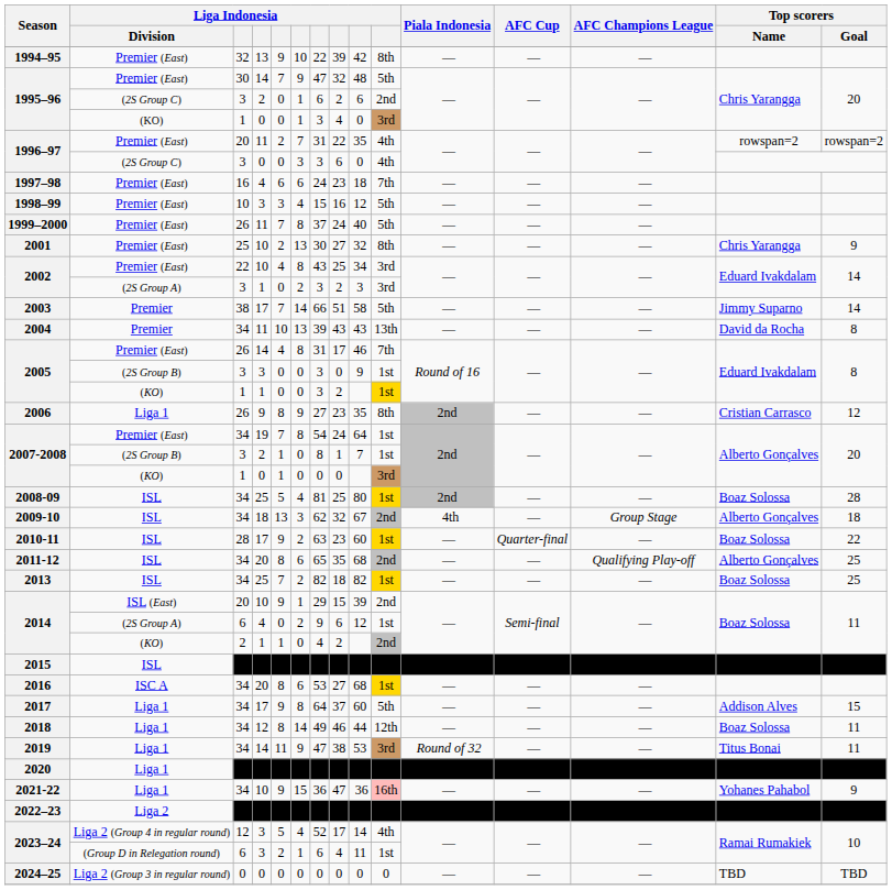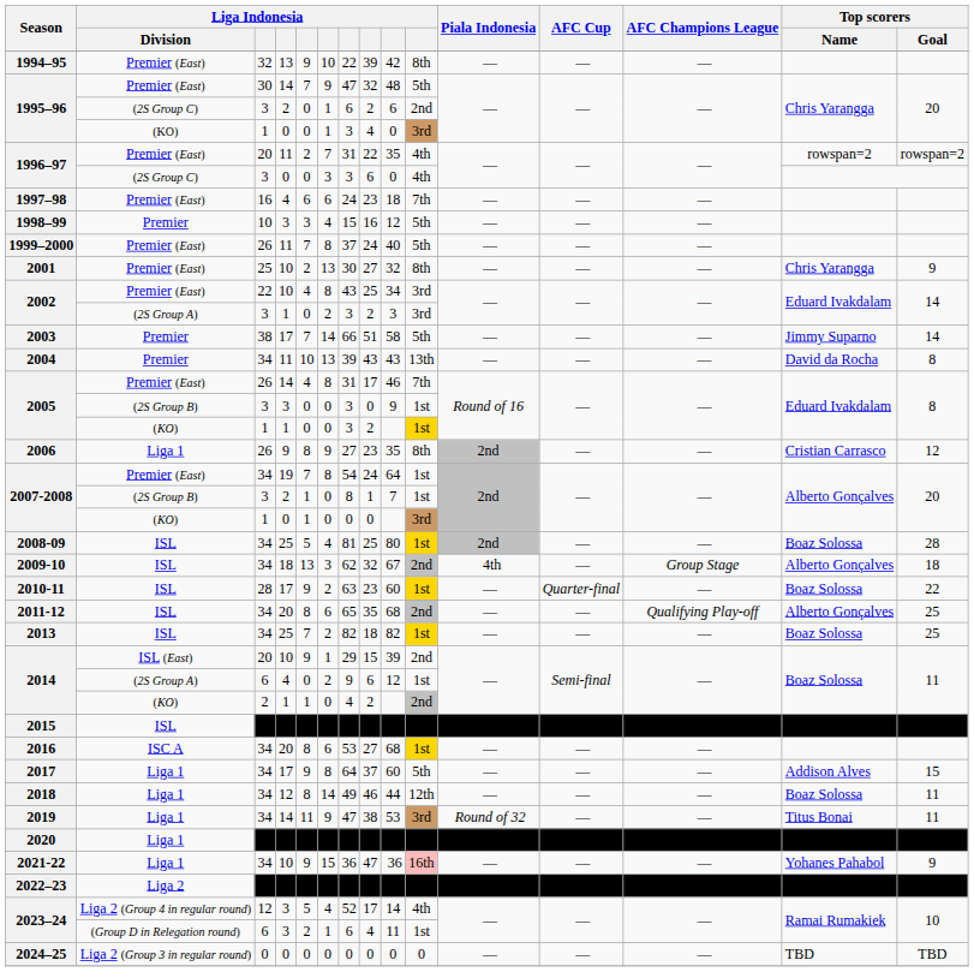 <table class="wikitable" style="text-align: center">
 <tr>
 <th rowspan=2>Season</th>
 <th colspan=9><a href='#'>Liga Indonesia</a></th>
 <th rowspan=2><a href='#'>Piala Indonesia</a></th>
 <th rowspan=2><a href='#'>AFC Cup</a></th>
 <th rowspan=2><a href='#'>AFC Champions League</a></th>
 <th colspan=2>Top scorers</th>
 </tr>
 <tr>
 <th>Division</th>
 <th></th>
 <th></th>
 <th></th>
 <th></th>
 <th></th>
 <th></th>
 <th></th>
 <th></th>
 <th>Name</th>
 <th>Goal</th>
 </tr>
 <tr>
 </tr>
 <tr>
 <th>1994–95</th>
 <td><a href='#'>Premier</a> <small>(<em>East</em>)</small></td>
 <td>32</td>
 <td>13</td>
 <td>9</td>
 <td>10</td>
 <td>22</td>
 <td>39</td>
 <td>42</td>
 <td>8th</td>
 <td> —</td>
 <td> —</td>
 <td> —</td>
 <td></td>
 <td></td>
 </tr>
 <tr>
 <th rowspan=3>1995–96</th>
 <td><a href='#'>Premier</a> <small>(<em>East</em>)</small></td>
 <td>30</td>
 <td>14</td>
 <td>7</td>
 <td>9</td>
 <td>47</td>
 <td>32</td>
 <td>48</td>
 <td>5th</td>
 <td rowspan=3> —</td>
 <td rowspan=3> —</td>
 <td rowspan=3> —</td>
 <td align=left rowspan=3> <a href='#'>Chris Yarangga</a></td>
 <td rowspan=3>20</td>
 </tr>
 <tr>
 <td><small>(<em>2S Group C</em>)</small></td>
 <td>3</td>
 <td>2</td>
 <td>0</td>
 <td>1</td>
 <td>6</td>
 <td>2</td>
 <td>6</td>
 <td>2nd</td>
 </tr>
 <tr>
 <td><small>(KO)</small></td>
 <td>1</td>
 <td>0</td>
 <td>0</td>
 <td>1</td>
 <td>3</td>
 <td>4</td>
 <td>0</td>
 <td style="background: #CC9966;">3rd</td>
 </tr>
 <tr>
 <th rowspan=2>1996–97</th>
 <td><a href='#'>Premier</a> <small>(<em>East</em>)</small></td>
 <td>20</td>
 <td>11</td>
 <td>2</td>
 <td>7</td>
 <td>31</td>
 <td>22</td>
 <td>35</td>
 <td>4th</td>
 <td rowspan=2> —</td>
 <td rowspan=2> —</td>
 <td rowspan=2> —</td>
 <td>rowspan=2 </td>
 <td>rowspan=2 </td>
 </tr>
 <tr>
 <td><small>(<em>2S Group C</em>)</small></td>
 <td>3</td>
 <td>0</td>
 <td>0</td>
 <td>3</td>
 <td>3</td>
 <td>6</td>
 <td>0</td>
 <td>4th</td>
 </tr>
 <tr>
 <th>1997–98</th>
 <td><a href='#'>Premier</a> <small>(<em>East</em>)</small></td>
 <td>16</td>
 <td>4</td>
 <td>6</td>
 <td>6</td>
 <td>24</td>
 <td>23</td>
 <td>18</td>
 <td>7th</td>
 <td> —</td>
 <td> —</td>
 <td> —</td>
 <td></td>
 <td></td>
 </tr>
 <tr>
 <th>1998–99</th>
-<td><a href='#'>Premier</a> <small>(<em>East</em>)</small></td>
+<td><a href='#'>Premier</a></td>
 <td>10</td>
 <td>3</td>
 <td>3</td>
 <td>4</td>
 <td>15</td>
 <td>16</td>
 <td>12</td>
 <td>5th</td>
 <td> —</td>
 <td> —</td>
 <td> —</td>
 <td align=left></td>
 <td></td>
 </tr>
 <tr>
 <th>1999–2000</th>
 <td><a href='#'>Premier</a> <small>(<em>East</em>)</small></td>
 <td>26</td>
 <td>11</td>
 <td>7</td>
 <td>8</td>
 <td>37</td>
 <td>24</td>
 <td>40</td>
 <td>5th</td>
 <td> —</td>
 <td> —</td>
 <td> —</td>
 <td align=left></td>
 <td></td>
 </tr>
 <tr>
 <th>2001</th>
 <td><a href='#'>Premier</a> <small>(<em>East</em>)</small></td>
 <td>25</td>
 <td>10</td>
 <td>2</td>
 <td>13</td>
 <td>30</td>
 <td>27</td>
 <td>32</td>
 <td>8th</td>
 <td> —</td>
 <td> —</td>
 <td> —</td>
 <td align=left> <a href='#'>Chris Yarangga</a></td>
 <td>9</td>
 </tr>
 <tr>
 <th rowspan=2>2002</th>
 <td><a href='#'>Premier</a> <small>(<em>East</em>)</small></td>
 <td>22</td>
 <td>10</td>
 <td>4</td>
 <td>8</td>
 <td>43</td>
 <td>25</td>
 <td>34</td>
 <td>3rd</td>
 <td rowspan=2> —</td>
 <td rowspan=2> —</td>
 <td rowspan=2> —</td>
 <td rowspan=2 align=left> <a href='#'>Eduard Ivakdalam</a></td>
 <td rowspan=2>14</td>
 </tr>
 <tr>
 <td><small>(<em>2S Group A</em>)</small></td>
 <td>3</td>
 <td>1</td>
 <td>0</td>
 <td>2</td>
 <td>3</td>
 <td>2</td>
 <td>3</td>
 <td>3rd</td>
 </tr>
 <tr>
 <th>2003</th>
 <td><a href='#'>Premier</a></td>
 <td>38</td>
 <td>17</td>
 <td>7</td>
 <td>14</td>
 <td>66</td>
 <td>51</td>
 <td>58</td>
 <td>5th</td>
 <td> —</td>
 <td> —</td>
 <td> —</td>
 <td align=left> <a href='#'>Jimmy Suparno</a></td>
 <td>14</td>
 </tr>
 <tr>
 <th>2004</th>
 <td><a href='#'>Premier</a></td>
 <td>34</td>
 <td>11</td>
 <td>10</td>
 <td>13</td>
 <td>39</td>
 <td>43</td>
 <td>43</td>
 <td>13th</td>
 <td> —</td>
 <td> —</td>
 <td> —</td>
 <td align=left> <a href='#'>David da Rocha</a></td>
 <td>8</td>
 </tr>
 <tr>
 <th rowspan=3>2005</th>
 <td><a href='#'>Premier</a> <small>(<em>East</em>)</small></td>
 <td>26</td>
 <td>14</td>
 <td>4</td>
 <td>8</td>
 <td>31</td>
 <td>17</td>
 <td>46</td>
 <td>7th</td>
 <td rowspan=3><em>Round of 16</em></td>
 <td rowspan=3> —</td>
 <td rowspan=3> —</td>
 <td rowspan=3 align=left> <a href='#'>Eduard Ivakdalam</a></td>
 <td rowspan=3>8</td>
 </tr>
 <tr>
 <td><small>(<em>2S Group B</em>)</small></td>
 <td>3</td>
 <td>3</td>
 <td>0</td>
 <td>0</td>
 <td>3</td>
 <td>0</td>
 <td>9</td>
 <td>1st</td>
 </tr>
 <tr>
 <td><small>(<em>KO</em>)</small></td>
 <td>1</td>
 <td>1</td>
 <td>0</td>
 <td>0</td>
 <td>3</td>
 <td>2</td>
 <td></td>
 <td bgcolor=gold>1st</td>
 </tr>
 <tr>
 <th>2006</th>
 <td><a href='#'>Liga 1</a></td>
 <td>26</td>
 <td>9</td>
 <td>8</td>
 <td>9</td>
 <td>27</td>
 <td>23</td>
 <td>35</td>
 <td>8th</td>
 <td bgcolor=silver>2nd</td>
 <td> —</td>
 <td> —</td>
 <td align=left> <a href='#'>Cristian Carrasco</a></td>
 <td>12</td>
 </tr>
 <tr>
 <th rowspan=3>2007-2008</th>
 <td><a href='#'>Premier</a> <small>(<em>East</em>)</small></td>
 <td>34</td>
 <td>19</td>
 <td>7</td>
 <td>8</td>
 <td>54</td>
 <td>24</td>
 <td>64</td>
 <td>1st</td>
 <td rowspan=3 bgcolor=silver>2nd</td>
 <td rowspan=3> —</td>
 <td rowspan=3> —</td>
 <td rowspan=3 align=left> <a href='#'>Alberto Gonçalves</a></td>
 <td rowspan=3>20</td>
 </tr>
 <tr>
 <td><small>(<em>2S Group B</em>)</small></td>
 <td>3</td>
 <td>2</td>
 <td>1</td>
 <td>0</td>
 <td>8</td>
 <td>1</td>
 <td>7</td>
 <td>1st</td>
 </tr>
 <tr>
 <td><small>(<em>KO</em>)</small></td>
 <td>1</td>
 <td>0</td>
 <td>1</td>
 <td>0</td>
 <td>0</td>
 <td>0</td>
 <td></td>
 <td bgcolor=#CC9966>3rd</td>
 </tr>
 <tr>
 <th>2008-09</th>
 <td><a href='#'>ISL</a></td>
 <td>34</td>
 <td>25</td>
 <td>5</td>
 <td>4</td>
 <td>81</td>
 <td>25</td>
 <td>80</td>
 <td bgcolor=gold>1st</td>
 <td bgcolor=silver>2nd</td>
 <td> —</td>
 <td> —</td>
 <td align=left> <a href='#'>Boaz Solossa</a></td>
 <td>28</td>
 </tr>
 <tr>
 <th>2009-10</th>
 <td><a href='#'>ISL</a></td>
 <td>34</td>
 <td>18</td>
 <td>13</td>
 <td>3</td>
 <td>62</td>
 <td>32</td>
 <td>67</td>
 <td bgcolor=silver>2nd</td>
 <td>  4th</td>
 <td> —</td>
 <td><em>Group Stage</em></td>
 <td align=left> <a href='#'>Alberto Gonçalves</a></td>
 <td>18</td>
 </tr>
 <tr>
 <th>2010-11</th>
 <td><a href='#'>ISL</a></td>
 <td>28</td>
 <td>17</td>
 <td>9</td>
 <td>2</td>
 <td>63</td>
 <td>23</td>
 <td>60</td>
 <td bgcolor=gold>1st</td>
 <td> —</td>
 <td><em>Quarter-final</em></td>
 <td> —</td>
 <td align=left> <a href='#'>Boaz Solossa</a></td>
 <td>22</td>
 </tr>
 <tr>
 <th>2011-12</th>
 <td><a href='#'>ISL</a></td>
 <td>34</td>
 <td>20</td>
 <td>8</td>
 <td>6</td>
 <td>65</td>
 <td>35</td>
 <td>68</td>
 <td bgcolor=silver>2nd</td>
 <td> —</td>
 <td> —</td>
 <td><em>Qualifying Play-off</em></td>
 <td align=left> <a href='#'>Alberto Gonçalves</a></td>
 <td>25</td>
 </tr>
 <tr>
 <th>2013</th>
 <td><a href='#'>ISL</a></td>
 <td>34</td>
 <td>25</td>
 <td>7</td>
 <td>2</td>
 <td>82</td>
 <td>18</td>
 <td>82</td>
 <td bgcolor=gold>1st</td>
 <td> —</td>
 <td> —</td>
 <td> —</td>
 <td align=left> <a href='#'>Boaz Solossa</a></td>
 <td>25</td>
 </tr>
 <tr>
 <th rowspan=3>2014</th>
 <td><a href='#'>ISL</a> <small>(<em>East</em>)</small></td>
 <td>20</td>
 <td>10</td>
 <td>9</td>
 <td>1</td>
 <td>29</td>
 <td>15</td>
 <td>39</td>
 <td>2nd</td>
 <td rowspan=3> —</td>
 <td rowspan=3><em>Semi-final</em></td>
 <td rowspan=3> —</td>
 <td rowspan=3 align=left> <a href='#'>Boaz Solossa</a></td>
 <td rowspan=3>11</td>
 </tr>
 <tr>
 <td><small>(<em>2S Group A</em>)</small></td>
 <td>6</td>
 <td>4</td>
 <td>0</td>
 <td>2</td>
 <td>9</td>
 <td>6</td>
 <td>12</td>
 <td>1st</td>
 </tr>
 <tr>
 <td><small>(<em>KO</em>)</small></td>
 <td>2</td>
 <td>1</td>
 <td>1</td>
 <td>0</td>
 <td>4</td>
 <td>2</td>
 <td></td>
 <td bgcolor=silver>2nd</td>
 </tr>
 <tr>
 <th>2015</th>
 <td><a href='#'>ISL</a></td>
 <td bgcolor=black></td>
 <td bgcolor=black></td>
 <td bgcolor=black></td>
 <td bgcolor=black></td>
 <td bgcolor=black></td>
 <td bgcolor=black></td>
 <td bgcolor=black></td>
 <td bgcolor=black></td>
 <td bgcolor=black></td>
 <td bgcolor=black></td>
 <td bgcolor=black></td>
 <td bgcolor=black></td>
 <td bgcolor=black></td>
 </tr>
 <tr>
 <th>2016</th>
 <td><a href='#'>ISC A</a></td>
 <td>34</td>
 <td>20</td>
 <td>8</td>
 <td>6</td>
 <td>53</td>
 <td>27</td>
 <td>68</td>
 <td bgcolor=gold>1st</td>
 <td> —</td>
 <td> —</td>
 <td> —</td>
 <td align=left></td>
 <td></td>
 </tr>
 <tr>
 <th>2017</th>
 <td><a href='#'>Liga 1</a></td>
 <td>34</td>
 <td>17</td>
 <td>9</td>
 <td>8</td>
 <td>64</td>
 <td>37</td>
 <td>60</td>
 <td>5th</td>
 <td> —</td>
 <td> —</td>
 <td> —</td>
 <td align=left> <a href='#'>Addison Alves</a></td>
 <td>15</td>
 </tr>
 <tr>
 <th>2018</th>
 <td><a href='#'>Liga 1</a></td>
 <td>34</td>
 <td>12</td>
 <td>8</td>
 <td>14</td>
 <td>49</td>
 <td>46</td>
 <td>44</td>
 <td>12th</td>
 <td> —</td>
 <td> —</td>
 <td> —</td>
 <td align=left> <a href='#'>Boaz Solossa</a></td>
 <td>11</td>
 </tr>
 <tr>
 <th>2019</th>
 <td><a href='#'>Liga 1</a></td>
 <td>34</td>
 <td>14</td>
 <td>11</td>
 <td>9</td>
 <td>47</td>
 <td>38</td>
 <td>53</td>
 <td bgcolor=#CC9966>3rd</td>
 <td> <em>Round of 32</em></td>
 <td> —</td>
 <td> —</td>
 <td align=left> <a href='#'>Titus Bonai</a></td>
 <td>11</td>
 </tr>
 <tr>
 <th>2020</th>
 <td><a href='#'>Liga 1</a></td>
 <td bgcolor=black></td>
 <td bgcolor=black></td>
 <td bgcolor=black></td>
 <td bgcolor=black></td>
 <td bgcolor=black></td>
 <td bgcolor=black></td>
 <td bgcolor=black></td>
 <td bgcolor=black></td>
 <td bgcolor=black></td>
 <td bgcolor=black></td>
 <td bgcolor=black></td>
 <td bgcolor=black></td>
 <td bgcolor=black></td>
 </tr>
 <tr>
 <th>2021-22</th>
 <td><a href='#'>Liga 1</a></td>
 <td>34</td>
 <td>10</td>
 <td>9</td>
 <td>15</td>
 <td>36</td>
 <td>47</td>
 <td> 36</td>
 <td bgcolor=#FFBBBB>16th</td>
 <td> —</td>
 <td> —</td>
 <td> —</td>
 <td align=left> <a href='#'>Yohanes Pahabol</a></td>
 <td>9</td>
 </tr>
 <tr>
 <th>2022–23</th>
 <td><a href='#'>Liga 2</a></td>
 <td bgcolor=black></td>
 <td bgcolor=black></td>
 <td bgcolor=black></td>
 <td bgcolor=black></td>
 <td bgcolor=black></td>
 <td bgcolor=black></td>
 <td bgcolor=black></td>
 <td bgcolor=black></td>
 <td bgcolor=black></td>
 <td bgcolor=black></td>
 <td bgcolor=black></td>
 <td bgcolor=black></td>
 <td bgcolor=black></td>
 </tr>
 <tr>
 <th rowspan=2>2023–24</th>
 <td><a href='#'>Liga 2</a> <small>(<em>Group 4 in regular round</em>)</small></td>
 <td>12</td>
 <td>3</td>
 <td>5</td>
 <td>4</td>
 <td>52</td>
 <td>17</td>
 <td>14</td>
 <td>4th</td>
 <td rowspan=2> —</td>
 <td rowspan=2> —</td>
 <td rowspan=2> —</td>
 <td rowspan=2 align=left> <a href='#'>Ramai Rumakiek</a></td>
 <td rowspan=2>10</td>
 </tr>
 <tr>
 <td><small>(<em>Group D in Relegation round</em>)</small></td>
 <td>6</td>
 <td>3</td>
 <td>2</td>
 <td>1</td>
 <td>6</td>
 <td>4</td>
 <td>11</td>
 <td>1st</td>
 </tr>
 <tr>
 <th>2024–25</th>
 <td><a href='#'>Liga 2</a> <small>(<em>Group 3 in regular round</em>)</small></td>
 <td>0</td>
 <td>0</td>
 <td>0</td>
 <td>0</td>
 <td>0</td>
 <td>0</td>
 <td>0</td>
 <td>0</td>
 <td> —</td>
 <td> —</td>
 <td> —</td>
 <td align=left>TBD</td>
 <td>TBD</td>
 </tr>
 <tr>
 </tr>
 </table>
